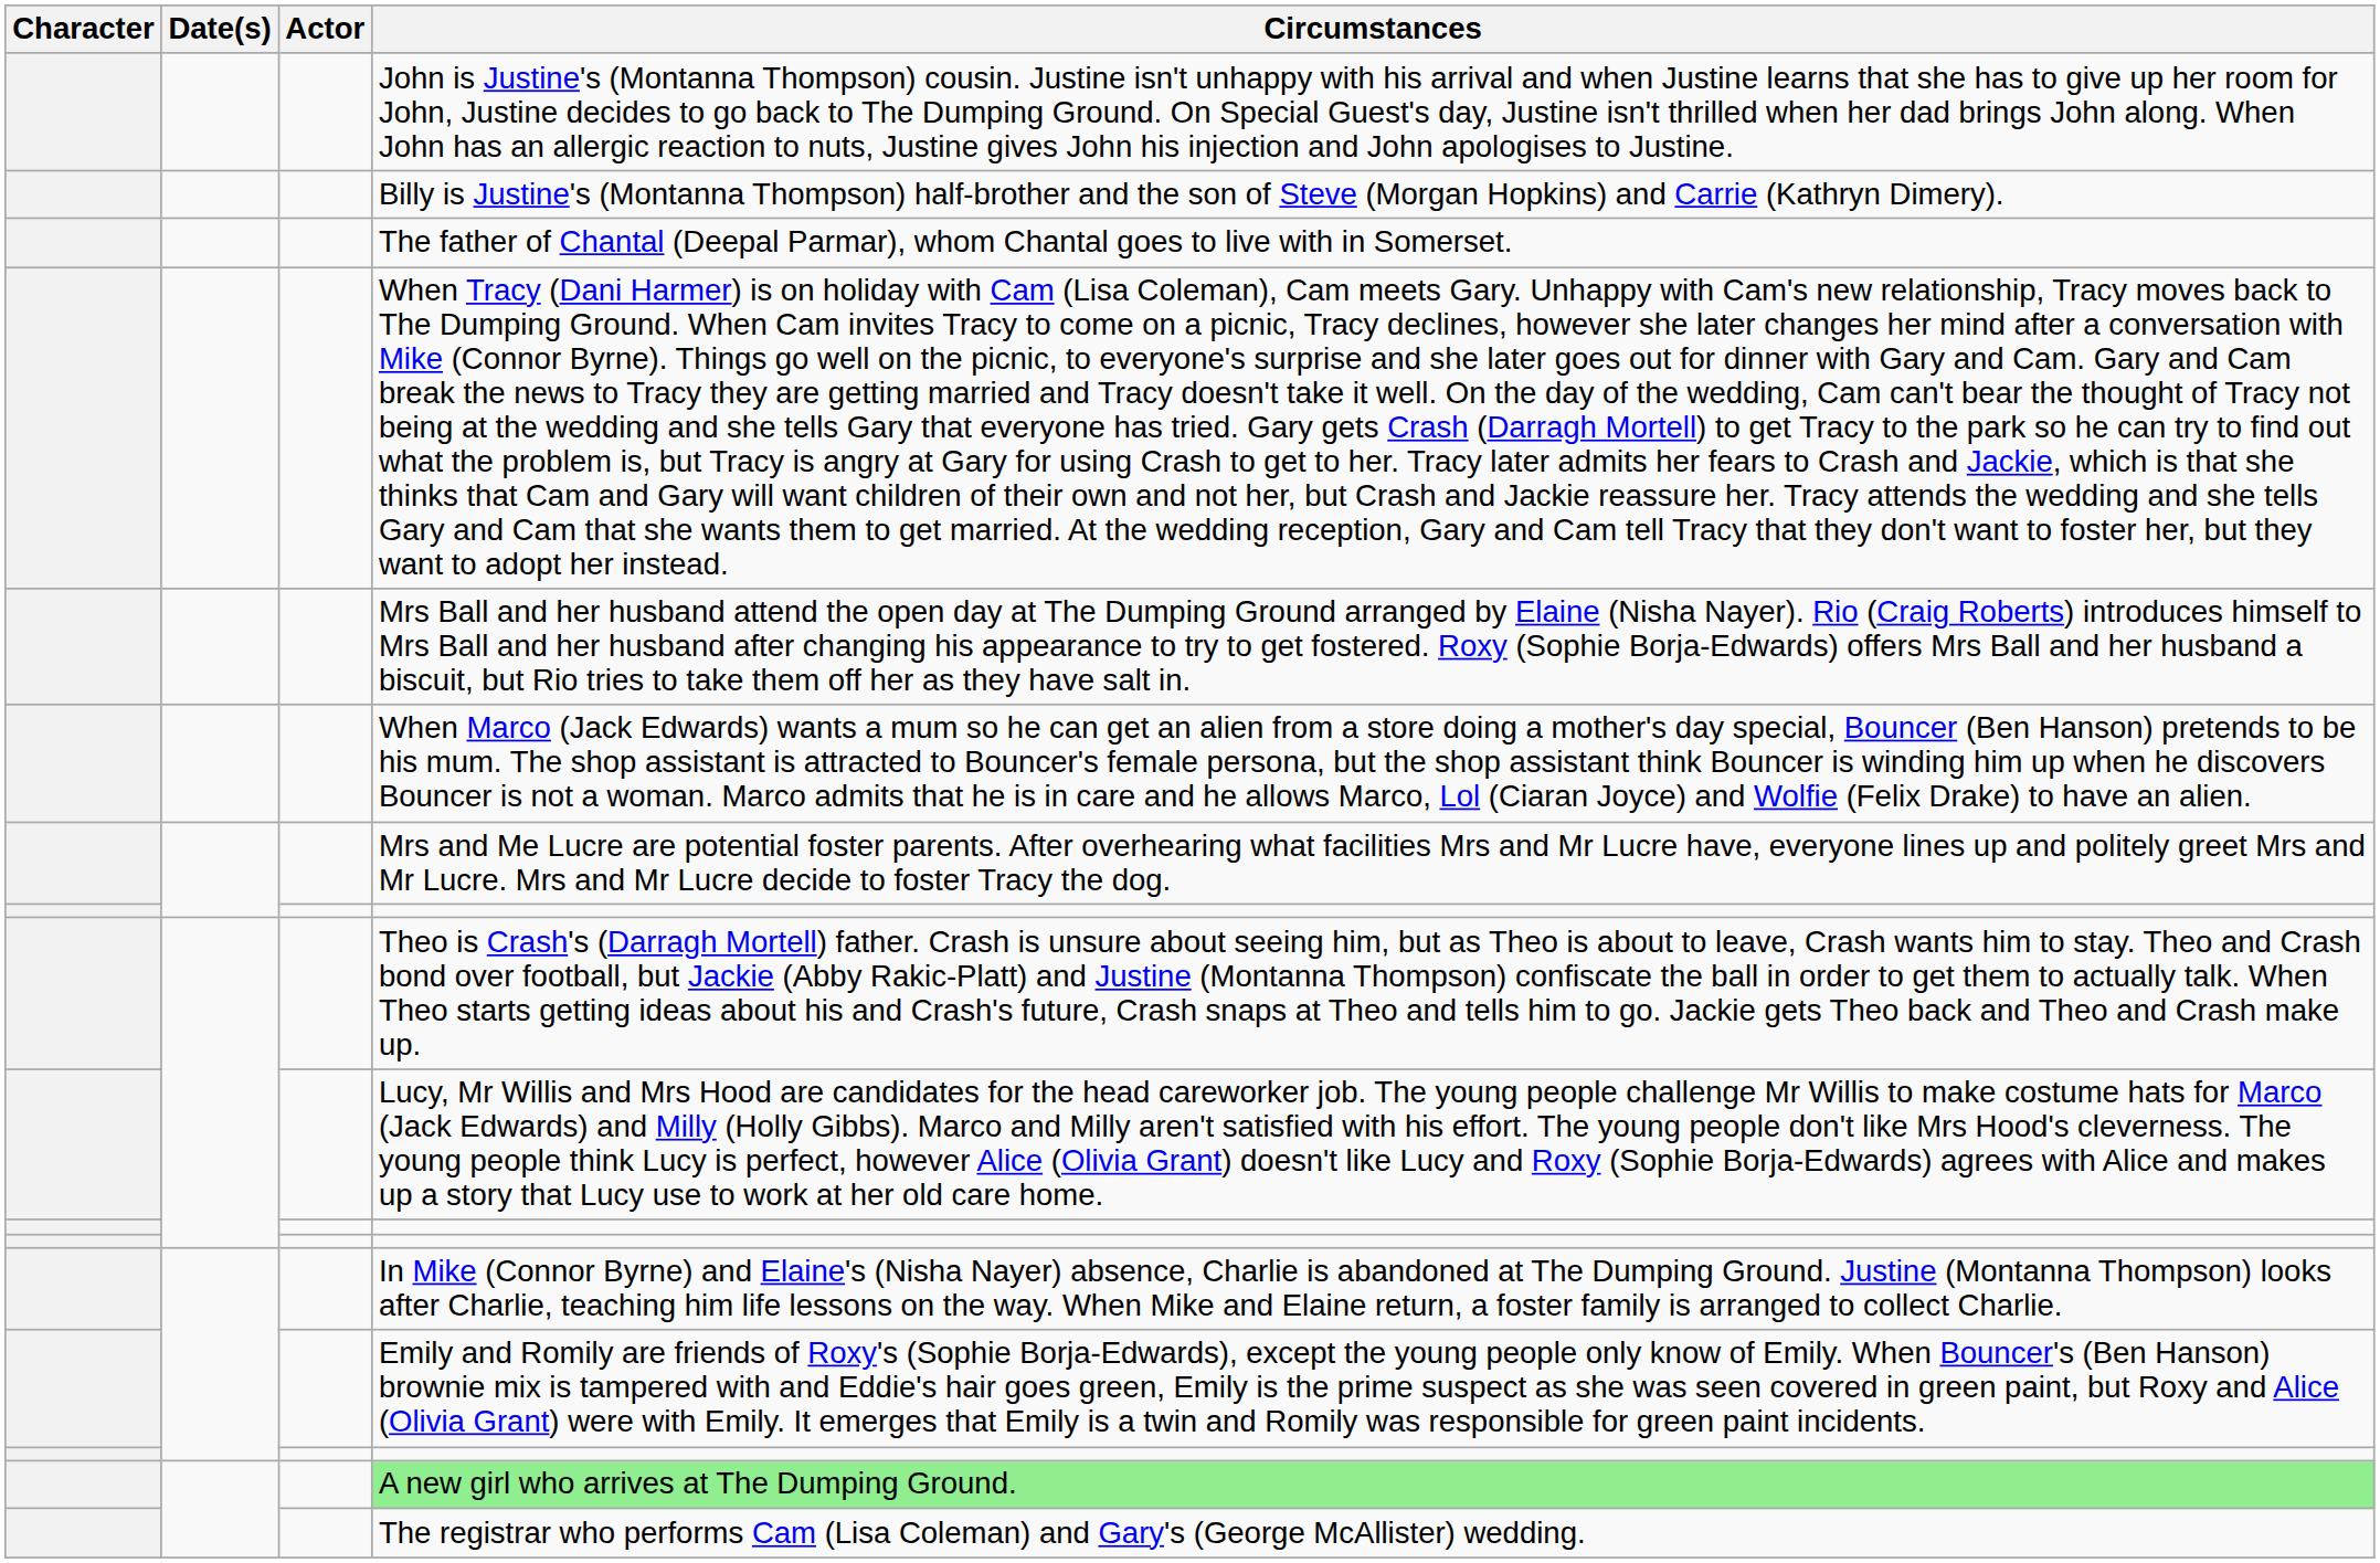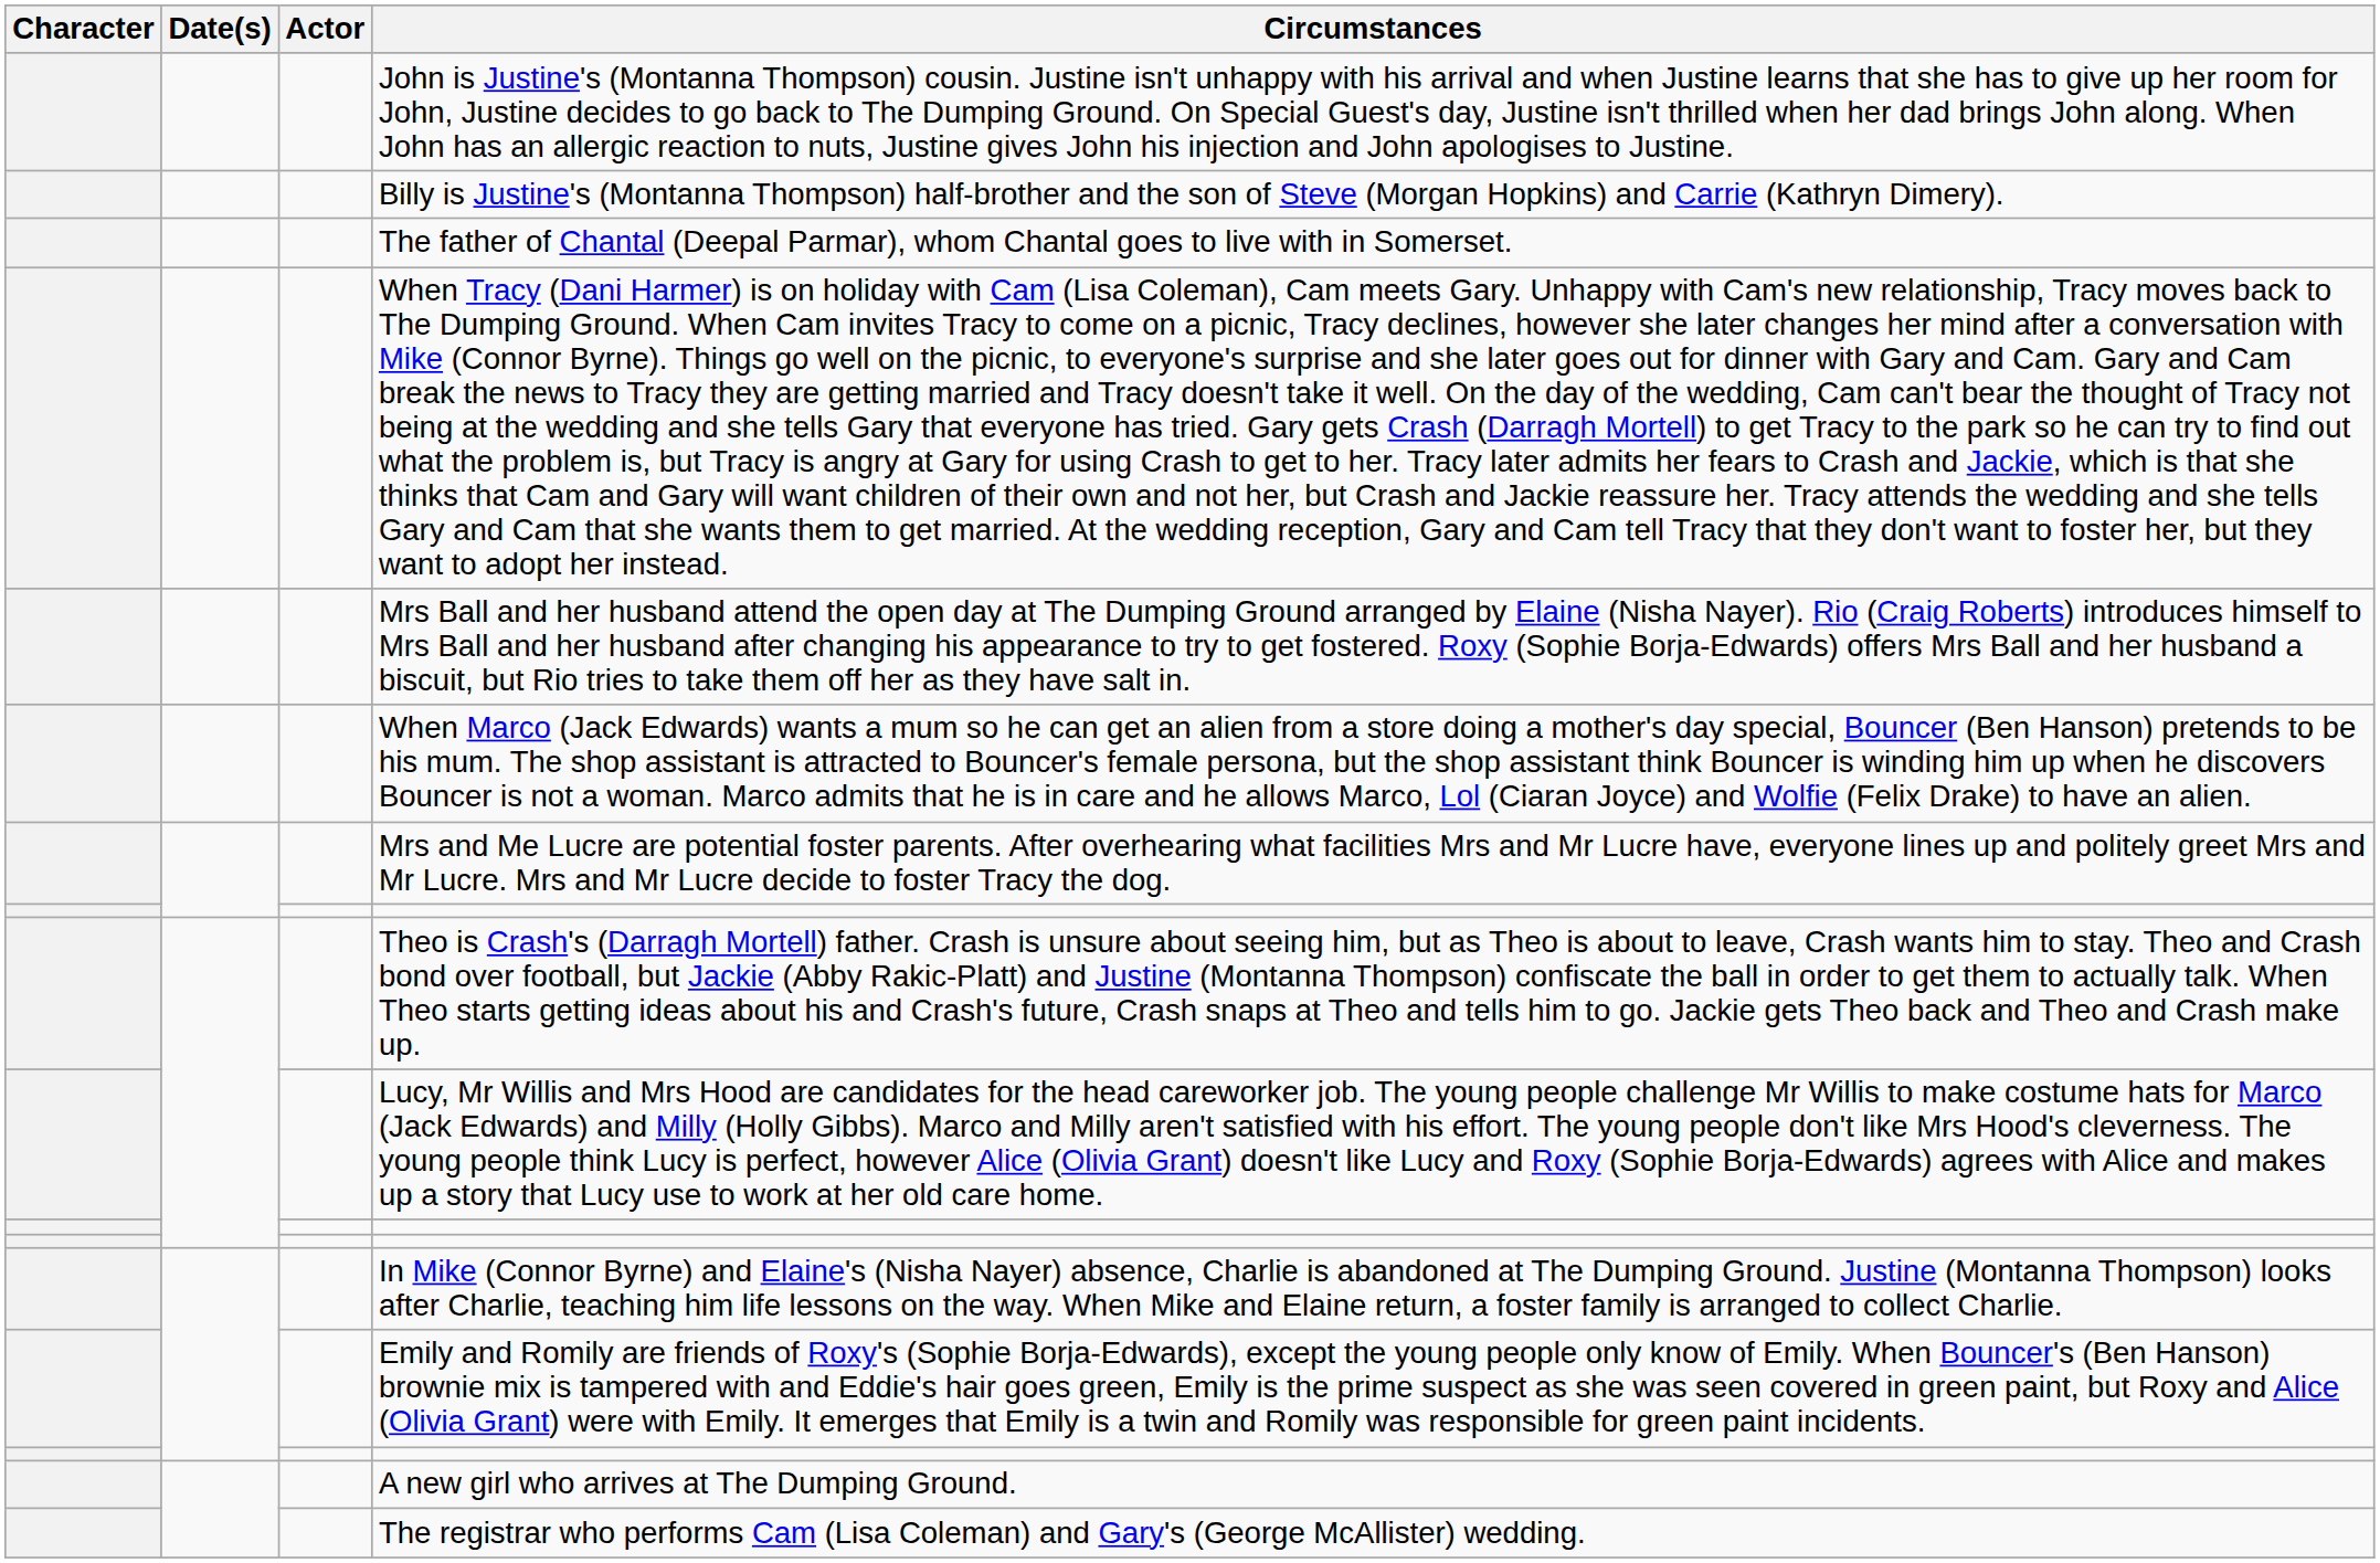 <table class="wikitable">
 <tr>
 <th>Character</th>
 <th>Date(s)</th>
 <th>Actor</th>
 <th>Circumstances</th>
 </tr>
 <tr>
 <th scope="row"></th>
 <td></td>
 <td></td>
 <td> John is <a href='#'>Justine</a>'s (Montanna Thompson) cousin. Justine isn't unhappy with his arrival and when Justine learns that she has to give up her room for John, Justine decides to go back to The Dumping Ground. On Special Guest's day, Justine isn't thrilled when her dad brings John along. When John has an allergic reaction to nuts, Justine gives John his injection and John apologises to Justine.</td>
 </tr>
 <tr>
 <th scope="row"></th>
 <td></td>
 <td></td>
 <td> Billy is <a href='#'>Justine</a>'s (Montanna Thompson) half-brother and the son of <a href='#'>Steve</a> (Morgan Hopkins) and <a href='#'>Carrie</a> (Kathryn Dimery).</td>
 </tr>
 <tr>
 <th scope="row"></th>
 <td></td>
 <td></td>
 <td> The father of <a href='#'>Chantal</a> (Deepal Parmar), whom Chantal goes to live with in Somerset.</td>
 </tr>
 <tr>
 <th scope="row"></th>
 <td></td>
 <td></td>
 <td> When <a href='#'>Tracy</a> (<a href='#'>Dani Harmer</a>) is on holiday with <a href='#'>Cam</a> (Lisa Coleman), Cam meets Gary. Unhappy with Cam's new relationship, Tracy moves back to The Dumping Ground. When Cam invites Tracy to come on a picnic, Tracy declines, however she later changes her mind after a conversation with <a href='#'>Mike</a> (Connor Byrne). Things go well on the picnic, to everyone's surprise and she later goes out for dinner with Gary and Cam. Gary and Cam break the news to Tracy they are getting married and Tracy doesn't take it well. On the day of the wedding, Cam can't bear the thought of Tracy not being at the wedding and she tells Gary that everyone has tried. Gary gets <a href='#'>Crash</a> (<a href='#'>Darragh Mortell</a>) to get Tracy to the park so he can try to find out what the problem is, but Tracy is angry at Gary for using Crash to get to her. Tracy later admits her fears to Crash and <a href='#'>Jackie</a>, which is that she thinks that Cam and Gary will want children of their own and not her, but Crash and Jackie reassure her. Tracy attends the wedding and she tells Gary and Cam that she wants them to get married. At the wedding reception, Gary and Cam tell Tracy that they don't want to foster her, but they want to adopt her instead.</td>
 </tr>
 <tr>
 <th scope="row"></th>
 <td></td>
 <td></td>
 <td> Mrs Ball and her husband attend the open day at The Dumping Ground arranged by <a href='#'>Elaine</a> (Nisha Nayer). <a href='#'>Rio</a> (<a href='#'>Craig Roberts</a>) introduces himself to Mrs Ball and her husband after changing his appearance to try to get fostered. <a href='#'>Roxy</a> (Sophie Borja-Edwards) offers Mrs Ball and her husband a biscuit, but Rio tries to take them off her as they have salt in.</td>
 </tr>
 <tr>
 <th scope="row"></th>
 <td></td>
 <td></td>
 <td> When <a href='#'>Marco</a> (Jack Edwards) wants a mum so he can get an alien from a store doing a mother's day special, <a href='#'>Bouncer</a> (Ben Hanson) pretends to be his mum. The shop assistant is attracted to Bouncer's female persona, but the shop assistant think Bouncer is winding him up when he discovers Bouncer is not a woman. Marco admits that he is in care and he allows Marco, <a href='#'>Lol</a> (Ciaran Joyce) and <a href='#'>Wolfie</a> (Felix Drake) to have an alien.</td>
 </tr>
 <tr>
 <th scope="row"></th>
 <td rowspan="2"></td>
 <td></td>
 <td>Mrs and Me Lucre are potential foster parents. After overhearing what facilities Mrs and Mr Lucre have, everyone lines up and politely greet Mrs and Mr Lucre. Mrs and Mr Lucre decide to foster Tracy the dog.</td>
 </tr>
 <tr>
 <th scope="row"></th>
 <td></td>
 <td></td>
 </tr>
 <tr>
 <th scope="row"></th>
 <td rowspan="4"></td>
 <td></td>
 <td> Theo is <a href='#'>Crash</a>'s (<a href='#'>Darragh Mortell</a>) father. Crash is unsure about seeing him, but as Theo is about to leave, Crash wants him to stay. Theo and Crash bond over football, but <a href='#'>Jackie</a> (Abby Rakic-Platt) and <a href='#'>Justine</a> (Montanna Thompson) confiscate the ball in order to get them to actually talk. When Theo starts getting ideas about his and Crash's future, Crash snaps at Theo and tells him to go. Jackie gets Theo back and Theo and Crash make up.</td>
 </tr>
 <tr>
 <th scope="row"></th>
 <td></td>
 <td>Lucy, Mr Willis and Mrs Hood are candidates for the head careworker job. The young people challenge Mr Willis to make costume hats for <a href='#'>Marco</a> (Jack Edwards) and <a href='#'>Milly</a> (Holly Gibbs). Marco and Milly aren't satisfied with his effort. The young people don't like Mrs Hood's cleverness. The young people think Lucy is perfect, however <a href='#'>Alice</a> (<a href='#'>Olivia Grant</a>) doesn't like Lucy and <a href='#'>Roxy</a> (Sophie Borja-Edwards) agrees with Alice and makes up a story that Lucy use to work at her old care home.</td>
 </tr>
 <tr>
 <th scope="row"></th>
 <td></td>
 <td></td>
 </tr>
 <tr>
 <th scope="row"></th>
 <td></td>
 <td></td>
 </tr>
 <tr>
 <th scope="row"></th>
 <td rowspan="3"></td>
 <td></td>
 <td> In <a href='#'>Mike</a> (Connor Byrne) and <a href='#'>Elaine</a>'s (Nisha Nayer) absence, Charlie is abandoned at The Dumping Ground. <a href='#'>Justine</a> (Montanna Thompson) looks after Charlie, teaching him life lessons on the way. When Mike and Elaine return, a foster family is arranged to collect Charlie.</td>
 </tr>
 <tr>
 <th scope="row"></th>
 <td></td>
 <td>Emily and Romily are friends of <a href='#'>Roxy</a>'s (Sophie Borja-Edwards), except the young people only know of Emily. When <a href='#'>Bouncer</a>'s (Ben Hanson) brownie mix is tampered with and Eddie's hair goes green, Emily is the prime suspect as she was seen covered in green paint, but Roxy and <a href='#'>Alice</a> (<a href='#'>Olivia Grant</a>) were with Emily. It emerges that Emily is a twin and Romily was responsible for green paint incidents.</td>
 </tr>
 <tr>
 <th scope="row"></th>
 <td></td>
 <td></td>
 </tr>
 <tr>
 <th scope="row"></th>
 <td rowspan="2"></td>
 <td></td>
-<td style="background: lightgreen;"> A new girl who arrives at The Dumping Ground.</td>
+<td> A new girl who arrives at The Dumping Ground.</td>
 </tr>
 <tr>
 <th scope="row"></th>
 <td></td>
 <td> The registrar who performs <a href='#'>Cam</a> (Lisa Coleman) and <a href='#'>Gary</a>'s (George McAllister) wedding.</td>
 </tr>
 </table>
